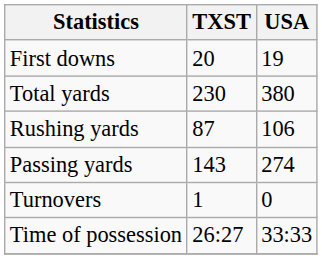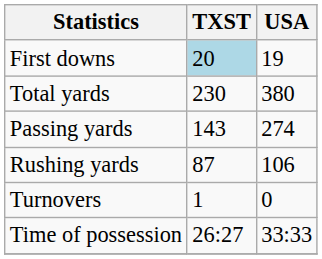 <table class="wikitable">
 <tr>
 <th>Statistics</th>
 <th>TXST</th>
 <th>USA</th>
 </tr>
 <tr>
 <td>First downs</td>
-<td>20</td>
+<td style="background: lightblue;">20</td>
 <td>19</td>
 </tr>
 <tr>
 <td>Total yards</td>
 <td>230</td>
 <td>380</td>
 </tr>
 <tr>
+<td>Passing yards</td>
+<td>143</td>
+<td>274</td>
+</tr>
+<tr>
 <td>Rushing yards</td>
 <td>87</td>
 <td>106</td>
-</tr>
-<tr>
-<td>Passing yards</td>
-<td>143</td>
-<td>274</td>
 </tr>
 <tr>
 <td>Turnovers</td>
 <td>1</td>
 <td>0</td>
 </tr>
 <tr>
 <td>Time of possession</td>
 <td>26:27</td>
 <td>33:33</td>
 </tr>
 <tr>
 </tr>
 </table>
